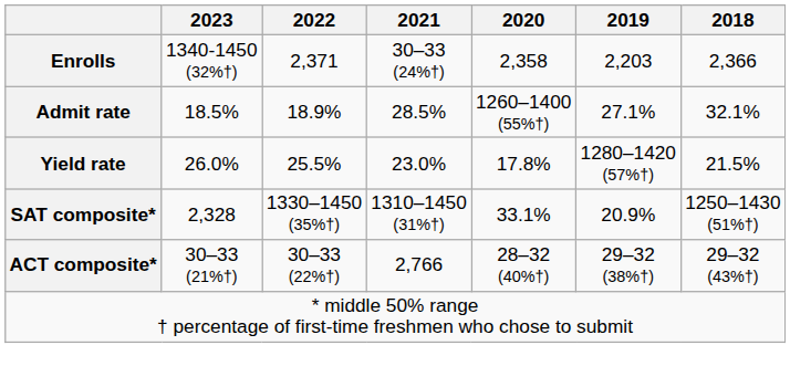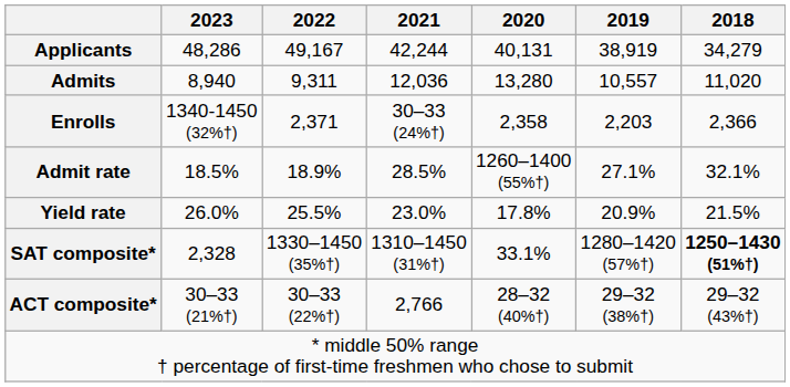 <table style="float:right; font-size:85%; margin:10px; text-align:center; font-size:85%; margin:auto;" class="wikitable">
 <tr>
 <th> </th>
 <th>2023</th>
 <th>2022</th>
 <th>2021</th>
 <th>2020</th>
 <th>2019</th>
 <th>2018</th>
+</tr>
+<tr>
+<th scope = "row">Applicants</th>
+<td>48,286</td>
+<td>49,167</td>
+<td>42,244</td>
+<td>40,131</td>
+<td>38,919</td>
+<td>34,279</td>
+</tr>
+<tr>
+<th scope = "row">Admits</th>
+<td>8,940</td>
+<td>9,311</td>
+<td>12,036</td>
+<td>13,280</td>
+<td>10,557</td>
+<td>11,020</td>
 </tr>
 <tr>
 <th scope = "row">Enrolls</th>
 <td>1340-1450<br><small>(32%†)</small></td>
 <td>2,371</td>
 <td>30–33<br><small>(24%†)</small></td>
 <td>2,358</td>
 <td>2,203</td>
 <td>2,366</td>
 </tr>
 <tr>
 <th scope = "row">Admit rate</th>
 <td>18.5%</td>
 <td>18.9%</td>
 <td>28.5%</td>
 <td>1260⁠–1400<br><small>(55%†)</small></td>
 <td>27.1%</td>
 <td>32.1%</td>
 </tr>
 <tr>
 <th scope = "row">Yield rate</th>
 <td>26.0%</td>
 <td>25.5%</td>
 <td>23.0%</td>
 <td>17.8%</td>
-<td>1280⁠–1420<br><small>(57%†)</small></td>
+<td>20.9%</td>
 <td>21.5%</td>
 </tr>
 <tr>
 <th scope = "row">SAT composite*</th>
 <td>2,328</td>
 <td>1330⁠–1450<br><small>(35%†)</small></td>
 <td>1310⁠–1450<br><small>(31%†)</small></td>
 <td>33.1%</td>
-<td>20.9%</td>
-<td>1250⁠–1430<br><small>(51%†)</small></td>
+<td>1280⁠–1420<br><small>(57%†)</small></td>
+<td><strong>1250⁠–1430<br><small>(51%†)</small></strong></td>
 </tr>
 <tr>
 <th>ACT composite*</th>
 <td>30–33<br><small>(21%†)</small></td>
 <td>30–33<br><small>(22%†)</small></td>
 <td>2,766</td>
 <td>28–32<br><small>(40%†)</small></td>
 <td>29–32<br><small>(38%†)</small></td>
 <td>29–32<br><small>(43%†)</small></td>
 </tr>
 <tr>
 <td colspan=7>* middle 50% range<br> † percentage of first-time freshmen who chose to submit</td>
 </tr>
 </table>
